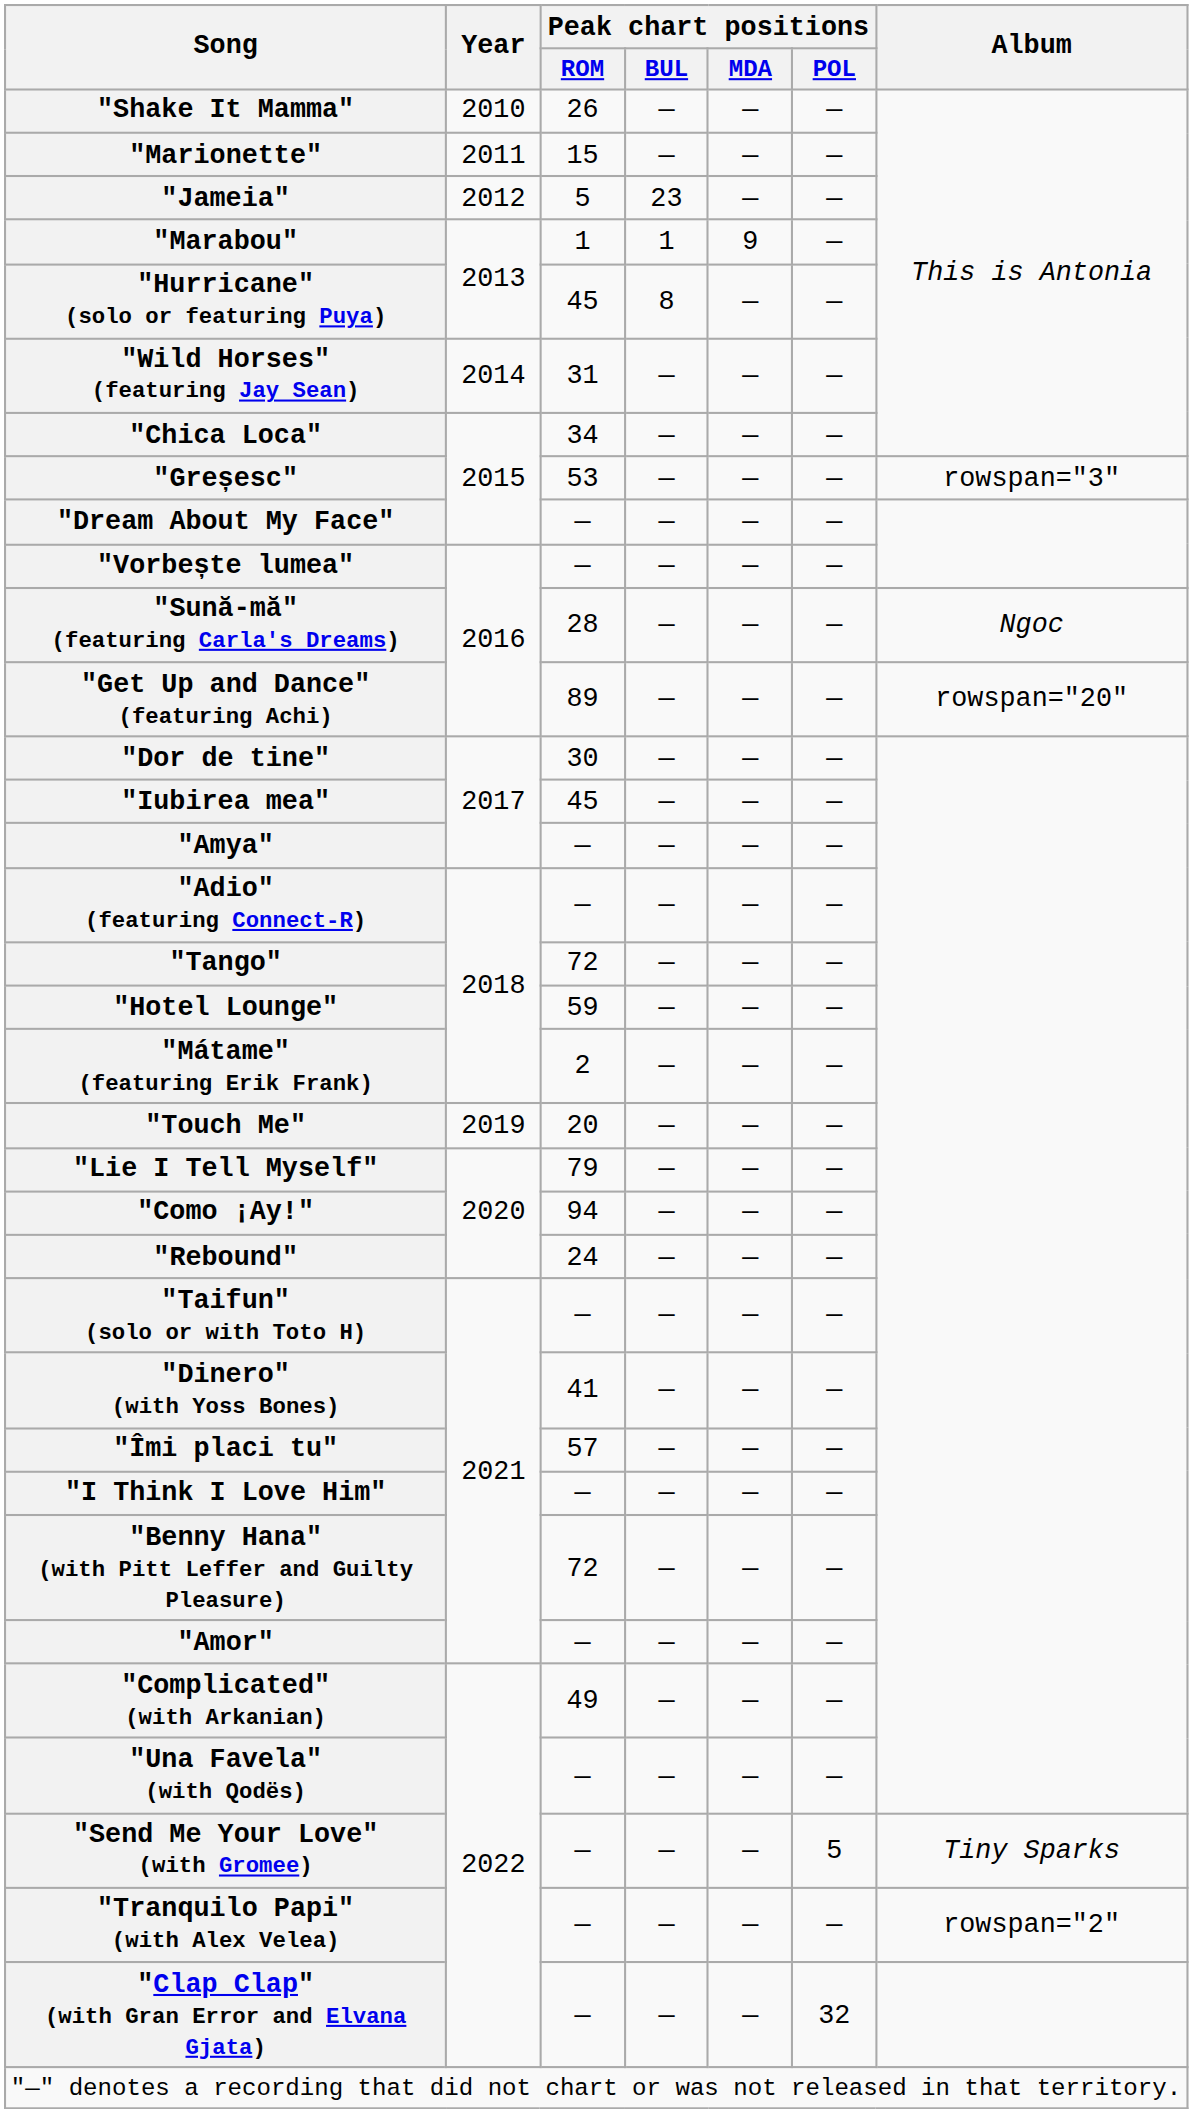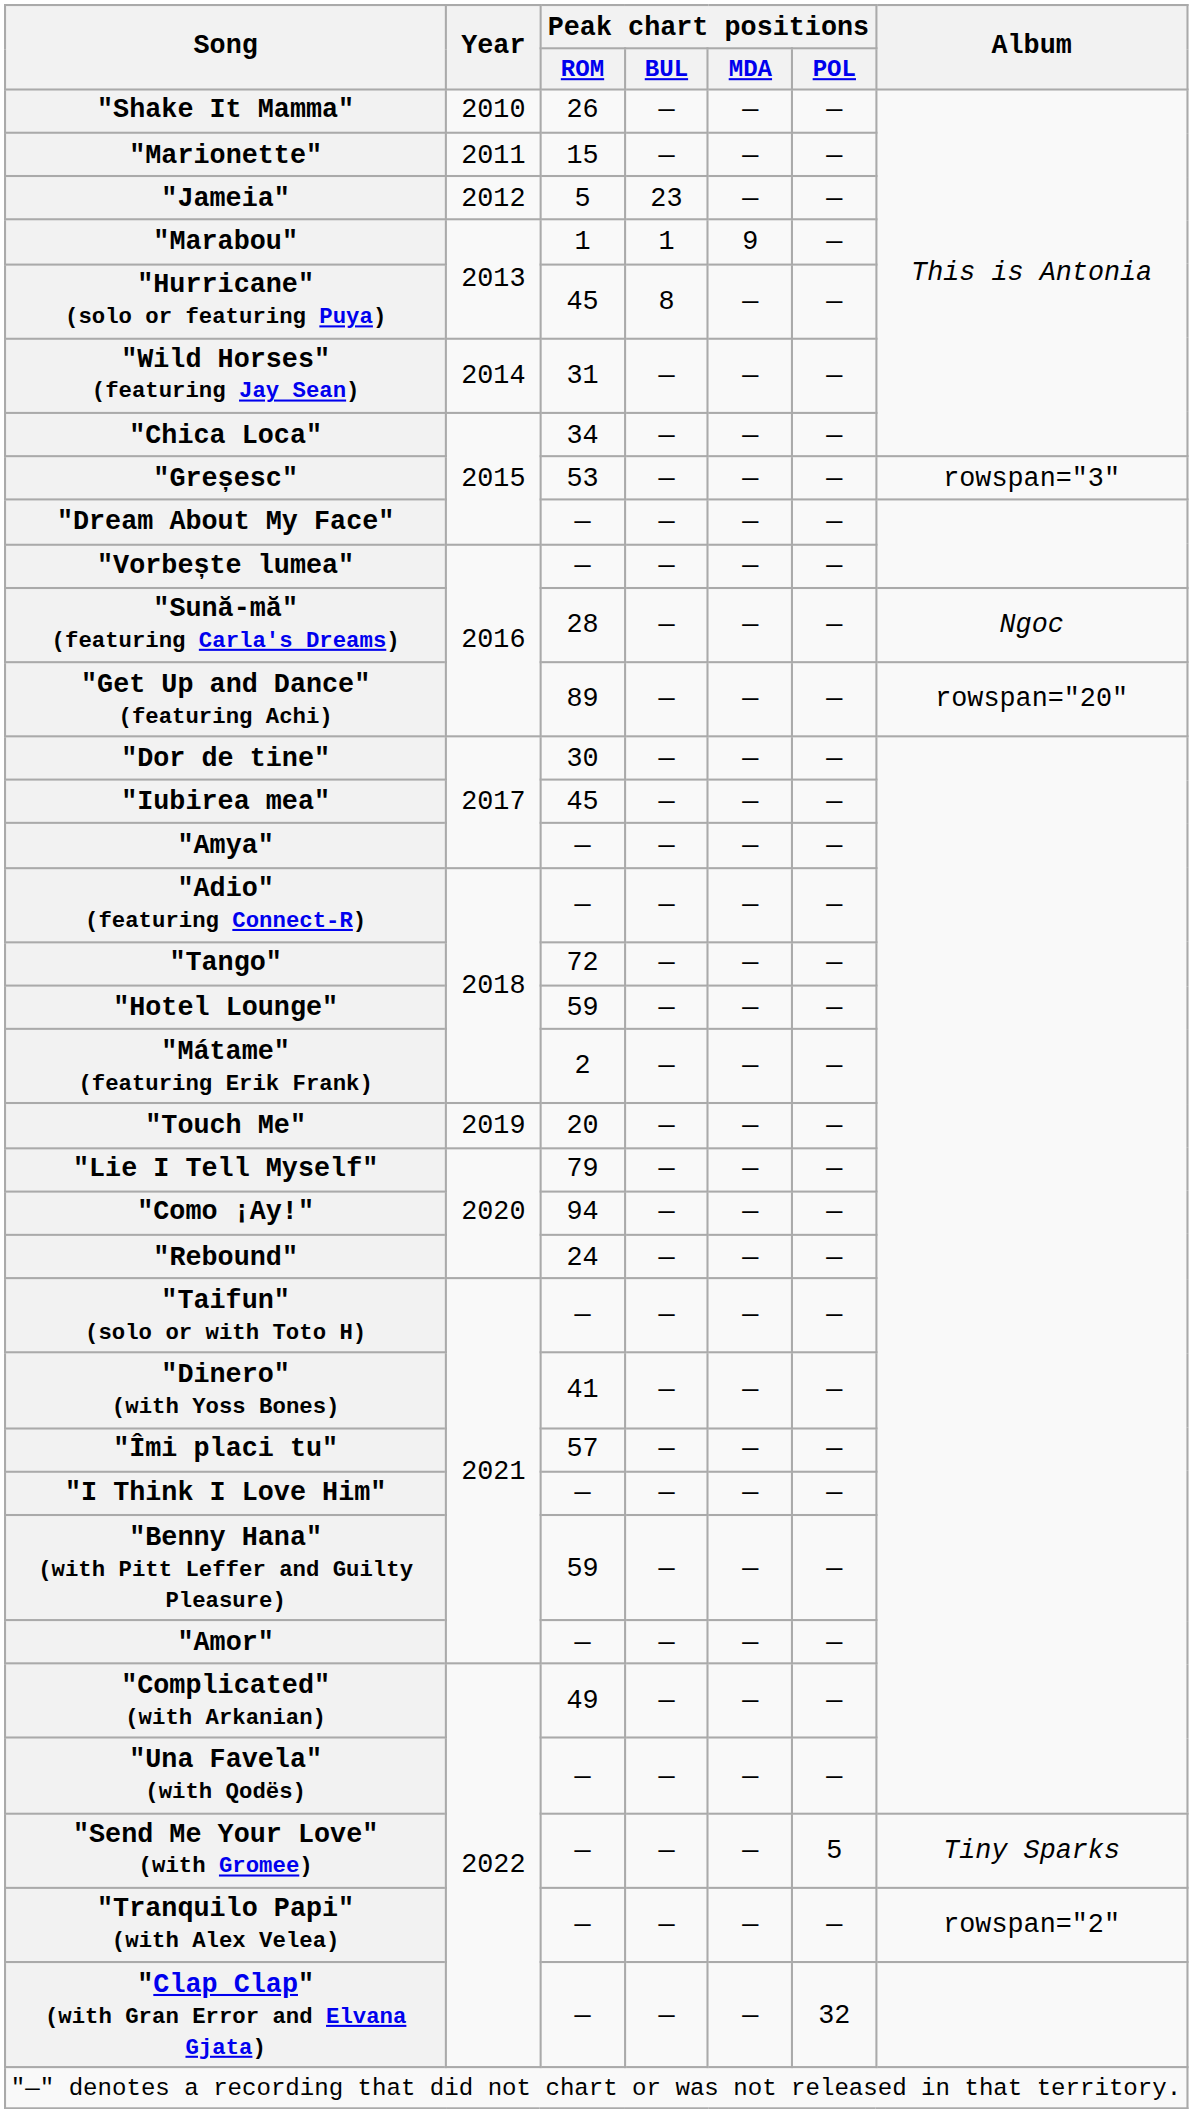 <table class="wikitable plainrowheaders" style="text-align:center;" border="1">
 <tr>
 <th scope="col" rowspan="2" style="width:16em;">Song</th>
 <th scope="col" rowspan="2">Year</th>
 <th scope="col" colspan="4">Peak chart positions</th>
 <th scope="col" rowspan="2">Album</th>
 </tr>
 <tr>
 <th scope="col" style="width:3em;font-size:90%;"><a href='#'>ROM</a><br></th>
 <th scope="col" style="width:3em;font-size:90%;"><a href='#'>BUL</a><br></th>
 <th scope="col" style="width:3em;font-size:90%;"><a href='#'>MDA</a><br></th>
 <th scope="col" style="width:3em;font-size:90%;"><a href='#'>POL</a><br></th>
 </tr>
 <tr>
 <th scope="row">"Shake It Mamma"</th>
 <td>2010</td>
 <td>26</td>
 <td>—</td>
 <td>—</td>
 <td>—</td>
 <td rowspan="7"><em>This is Antonia</em></td>
 </tr>
 <tr>
 <th scope="row">"Marionette"</th>
 <td rowspan="1">2011</td>
 <td>15</td>
 <td>—</td>
 <td>—</td>
 <td>—</td>
 </tr>
 <tr>
 <th scope="row">"Jameia"</th>
 <td rowspan="1">2012</td>
 <td>5</td>
 <td>23</td>
 <td>—</td>
 <td>—</td>
 </tr>
 <tr>
 <th scope="row">"Marabou"</th>
 <td rowspan="2">2013</td>
 <td>1</td>
 <td>1</td>
 <td>9</td>
 <td>—</td>
 </tr>
 <tr>
 <th scope="row">"Hurricane"<br><small>(solo or featuring <a href='#'>Puya</a>)</small></th>
 <td>45</td>
 <td>8</td>
 <td>—</td>
 <td>—</td>
 </tr>
 <tr>
 <th scope="row">"Wild Horses"<br><small>(featuring <a href='#'>Jay Sean</a>)</small></th>
 <td rowspan="1">2014</td>
 <td>31</td>
 <td>—</td>
 <td>—</td>
 <td>—</td>
 </tr>
 <tr>
 <th scope="row">"Chica Loca"</th>
 <td rowspan="3">2015</td>
 <td>34</td>
 <td>—</td>
 <td>—</td>
 <td>—</td>
 </tr>
 <tr>
 <th scope="row">"Greșesc"</th>
 <td>53</td>
 <td>—</td>
 <td>—</td>
 <td>—</td>
 <td>rowspan="3" </td>
 </tr>
 <tr>
 <th scope="row">"Dream About My Face"</th>
 <td>—</td>
 <td>—</td>
 <td>—</td>
 <td>—</td>
 </tr>
 <tr>
 <th scope="row">"Vorbește lumea"</th>
 <td rowspan="3">2016</td>
 <td>—</td>
 <td>—</td>
 <td>—</td>
 <td>—</td>
 </tr>
 <tr>
 <th scope="row">"Sună-mă"<br><small>(featuring <a href='#'>Carla's Dreams</a>)</small></th>
 <td>28</td>
 <td>—</td>
 <td>—</td>
 <td>—</td>
 <td><em>Ngoc</em></td>
 </tr>
 <tr>
 <th scope="row">"Get Up and Dance"<br><small>(featuring Achi)</small></th>
 <td>89</td>
 <td>—</td>
 <td>—</td>
 <td>—</td>
 <td>rowspan="20" </td>
 </tr>
 <tr>
 <th scope="row">"Dor de tine"</th>
 <td rowspan="3">2017</td>
 <td>30</td>
 <td>—</td>
 <td>—</td>
 <td>—</td>
 </tr>
 <tr>
 <th scope="row">"Iubirea mea"</th>
 <td>45</td>
 <td>—</td>
 <td>—</td>
 <td>—</td>
 </tr>
 <tr>
 <th scope="row">"Amya"</th>
 <td>—</td>
 <td>—</td>
 <td>—</td>
 <td>—</td>
 </tr>
 <tr>
 <th scope="row">"Adio"<br><small>(featuring <a href='#'>Connect-R</a>)</small></th>
 <td rowspan="4">2018</td>
 <td>—</td>
 <td>—</td>
 <td>—</td>
 <td>—</td>
 </tr>
 <tr>
 <th scope="row">"Tango"</th>
 <td>72</td>
 <td>—</td>
 <td>—</td>
 <td>—</td>
 </tr>
 <tr>
 <th scope="row">"Hotel Lounge"</th>
 <td>59</td>
 <td>—</td>
 <td>—</td>
 <td>—</td>
 </tr>
 <tr>
 <th scope="row">"Mátame"<br><small>(featuring Erik Frank)</small></th>
 <td>2</td>
 <td>—</td>
 <td>—</td>
 <td>—</td>
 </tr>
 <tr>
 <th scope="row">"Touch Me"</th>
 <td rowspan="1">2019</td>
 <td>20</td>
 <td>—</td>
 <td>—</td>
 <td>—</td>
 </tr>
 <tr>
 <th scope="row">"Lie I Tell Myself"</th>
 <td rowspan="3">2020</td>
 <td>79</td>
 <td>—</td>
 <td>—</td>
 <td>—</td>
 </tr>
 <tr>
 <th scope="row">"Como ¡Ay!"</th>
 <td>94</td>
 <td>—</td>
 <td>—</td>
 <td>—</td>
 </tr>
 <tr>
 <th scope="row">"Rebound"</th>
 <td>24</td>
 <td>—</td>
 <td>—</td>
 <td>—</td>
 </tr>
 <tr>
 <th scope="row">"Taifun"<br><small>(solo or with Toto H)</small></th>
 <td rowspan="6">2021</td>
 <td>—</td>
 <td>—</td>
 <td>—</td>
 <td>—</td>
 </tr>
 <tr>
 <th scope="row">"Dinero"<br><small>(with Yoss Bones)</small></th>
 <td>41</td>
 <td>—</td>
 <td>—</td>
 <td>—</td>
 </tr>
 <tr>
 <th scope="row">"Îmi placi tu"</th>
 <td>57</td>
 <td>—</td>
 <td>—</td>
 <td>—</td>
 </tr>
 <tr>
 <th scope="row">"I Think I Love Him"</th>
 <td>—</td>
 <td>—</td>
 <td>—</td>
 <td>—</td>
 </tr>
 <tr>
 <th scope="row">"Benny Hana"<br><small>(with Pitt Leffer and Guilty Pleasure)</small></th>
-<td>72</td>
+<td>59</td>
 <td>—</td>
 <td>—</td>
 <td>—</td>
 </tr>
 <tr>
 <th scope="row">"Amor"</th>
 <td>—</td>
 <td>—</td>
 <td>—</td>
 <td>—</td>
 </tr>
 <tr>
 <th scope="row">"Complicated"<br><small>(with Arkanian)</small></th>
 <td rowspan="5">2022</td>
 <td>49</td>
 <td>—</td>
 <td>—</td>
 <td>—</td>
 </tr>
 <tr>
 <th scope="row">"Una Favela"<br><small>(with Qodës)</small></th>
 <td>—</td>
 <td>—</td>
 <td>—</td>
 <td>—</td>
 </tr>
 <tr>
 <th scope="row">"Send Me Your Love"<br><small>(with <a href='#'>Gromee</a>)</small></th>
 <td>—</td>
 <td>—</td>
 <td>—</td>
 <td>5</td>
 <td><em>Tiny Sparks</em></td>
 </tr>
 <tr>
 <th scope="row">"Tranquilo Papi"<br><small>(with Alex Velea)</small></th>
 <td>—</td>
 <td>—</td>
 <td>—</td>
 <td>—</td>
 <td>rowspan="2" </td>
 </tr>
 <tr>
 <th scope="row">"<a href='#'>Clap Clap</a>"<br><small>(with Gran Error and <a href='#'>Elvana Gjata</a>)</small></th>
 <td>—</td>
 <td>—</td>
 <td>—</td>
 <td>32</td>
 </tr>
 <tr>
 <td colspan="7" style="font-size:90%">"—" denotes a recording that did not chart or was not released in that territory.</td>
 </tr>
 </table>
